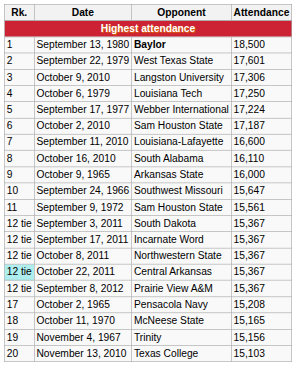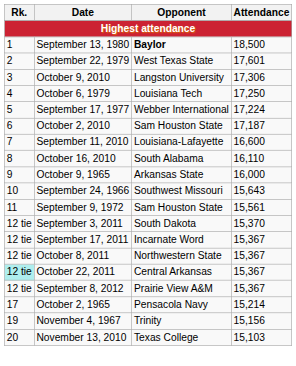 <table class="wikitable">
 <tr>
 <th>Rk.</th>
 <th>Date</th>
 <th>Opponent</th>
 <th>Attendance</th>
 </tr>
 <tr>
 </tr>
 <tr>
 <td align="center" Colspan="4" style="background:#CC2233; color:white; text-shadow:1px 1px 2px #DE7008"><span><strong>Highest attendance</strong></span></td>
 </tr>
 <tr>
 <td>1</td>
 <td>September 13, 1980</td>
 <td><strong>Baylor</strong></td>
 <td>18,500</td>
 </tr>
 <tr>
 <td>2</td>
 <td>September 22, 1979</td>
 <td>West Texas State</td>
 <td>17,601</td>
 </tr>
 <tr>
 <td>3</td>
 <td>October 9, 2010</td>
 <td>Langston University</td>
 <td>17,306</td>
 </tr>
 <tr>
 <td>4</td>
 <td>October 6, 1979</td>
 <td>Louisiana Tech</td>
 <td>17,250</td>
 </tr>
 <tr>
 <td>5</td>
 <td>September 17, 1977</td>
 <td>Webber International</td>
 <td>17,224</td>
 </tr>
 <tr>
 <td>6</td>
 <td>October 2, 2010</td>
 <td>Sam Houston State</td>
 <td>17,187</td>
 </tr>
 <tr>
 <td>7</td>
 <td>September 11, 2010</td>
 <td>Louisiana-Lafayette</td>
 <td>16,600</td>
 </tr>
 <tr>
 <td>8</td>
 <td>October 16, 2010</td>
 <td>South Alabama</td>
 <td>16,110</td>
 </tr>
 <tr>
 <td>9</td>
 <td>October 9, 1965</td>
 <td>Arkansas State</td>
 <td>16,000</td>
 </tr>
 <tr>
 <td>10</td>
 <td>September 24, 1966</td>
 <td>Southwest Missouri</td>
-<td>15,647</td>
+<td>15,643</td>
 </tr>
 <tr>
 <td>11</td>
 <td>September 9, 1972</td>
 <td>Sam Houston State</td>
 <td>15,561</td>
 </tr>
 <tr>
 <td>12 tie</td>
 <td>September 3, 2011</td>
 <td>South Dakota</td>
-<td>15,367</td>
+<td>15,370</td>
 </tr>
 <tr>
 <td>12 tie</td>
 <td>September 17, 2011</td>
 <td>Incarnate Word</td>
 <td>15,367</td>
 </tr>
 <tr>
 <td>12 tie</td>
 <td>October 8, 2011</td>
 <td>Northwestern State</td>
 <td>15,367</td>
 </tr>
 <tr>
 <td style="background: paleturquoise;">12 tie</td>
 <td>October 22, 2011</td>
 <td>Central Arkansas</td>
 <td>15,367</td>
 </tr>
 <tr>
 <td>12 tie</td>
 <td>September 8, 2012</td>
 <td>Prairie View A&M</td>
 <td>15,367</td>
 </tr>
 <tr>
 <td>17</td>
 <td>October 2, 1965</td>
 <td>Pensacola Navy</td>
-<td>15,208</td>
-</tr>
-<tr>
-<td>18</td>
-<td>October 11, 1970</td>
-<td>McNeese State</td>
-<td>15,165</td>
+<td>15,214</td>
 </tr>
 <tr>
 <td>19</td>
 <td>November 4, 1967</td>
 <td>Trinity</td>
 <td>15,156</td>
 </tr>
 <tr>
 <td>20</td>
 <td>November 13, 2010</td>
 <td>Texas College</td>
 <td>15,103</td>
 </tr>
 </table>
